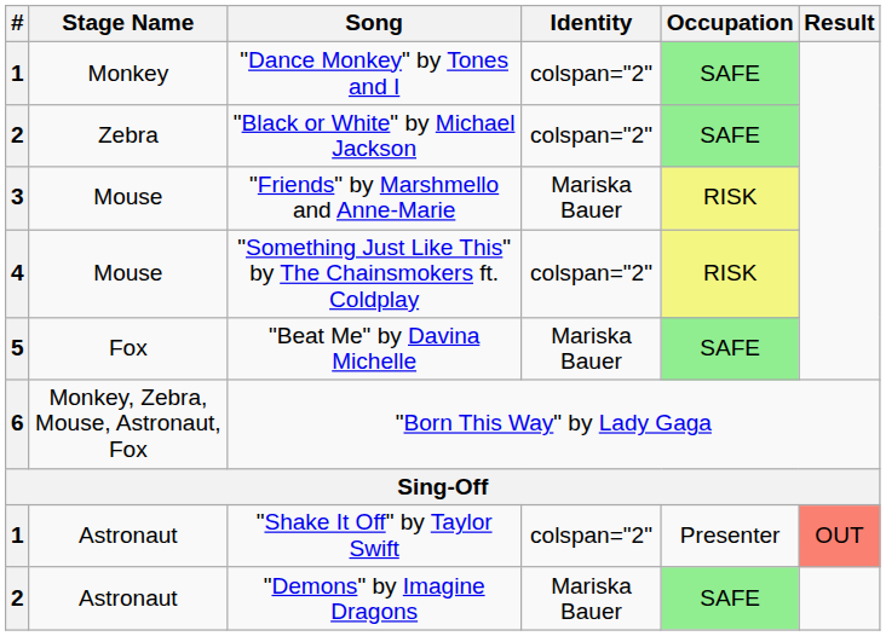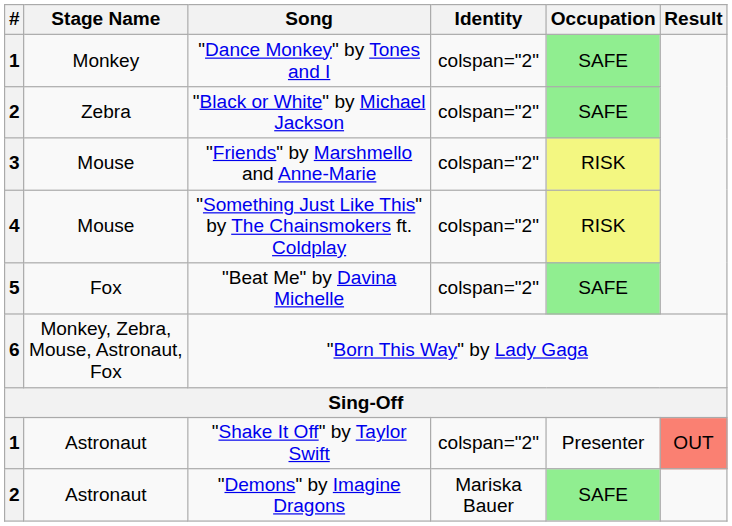 <table class="wikitable plainrowheaders" style="text-align: center;">
 <tr>
 <th><strong>#</strong></th>
 <th><strong>Stage Name</strong></th>
 <th><strong>Song</strong></th>
 <th>Identity</th>
 <th><strong>Occupation</strong></th>
 <th>Result</th>
 </tr>
 <tr>
 <th>1</th>
 <td>Monkey</td>
 <td>"<a href='#'>Dance Monkey</a>" by <a href='#'>Tones and I</a></td>
 <td>colspan="2" </td>
 <td bgcolor="lightgreen">SAFE</td>
 </tr>
 <tr>
 <th>2</th>
 <td>Zebra</td>
 <td>"<a href='#'>Black or White</a>" by <a href='#'>Michael Jackson</a></td>
 <td>colspan="2" </td>
 <td bgcolor="lightgreen">SAFE</td>
 </tr>
 <tr>
 <th>3</th>
 <td>Mouse</td>
 <td>"<a href='#'>Friends</a>" by <a href='#'>Marshmello</a> and <a href='#'>Anne-Marie</a></td>
-<td>Mariska Bauer</td>
+<td>colspan="2" </td>
 <td bgcolor="F3F781">RISK</td>
 </tr>
 <tr>
 <th>4</th>
 <td>Mouse</td>
 <td>"<a href='#'>Something Just Like This</a>" by <a href='#'>The Chainsmokers</a> ft. <a href='#'>Coldplay</a></td>
 <td>colspan="2" </td>
 <td bgcolor="F3F781">RISK</td>
 </tr>
 <tr>
 <th>5</th>
 <td>Fox</td>
 <td>"Beat Me" by <a href='#'>Davina Michelle</a></td>
-<td>Mariska Bauer</td>
+<td>colspan="2" </td>
 <td bgcolor="lightgreen">SAFE</td>
 </tr>
 <tr>
 <th>6</th>
 <td>Monkey, Zebra, Mouse, Astronaut, Fox</td>
 <td colspan="4">"<a href='#'>Born This Way</a>" by <a href='#'>Lady Gaga</a></td>
 </tr>
 <tr>
 <th colspan="6">Sing-Off</th>
 </tr>
 <tr>
 <th>1</th>
 <td>Astronaut</td>
 <td>"<a href='#'>Shake It Off</a>" by <a href='#'>Taylor Swift</a></td>
 <td>colspan="2" </td>
 <td>Presenter</td>
 <td bgcolor="salmon">OUT</td>
 </tr>
 <tr>
 <th>2</th>
 <td>Astronaut</td>
 <td>"<a href='#'>Demons</a>" by <a href='#'>Imagine Dragons</a></td>
 <td>Mariska Bauer</td>
 <td bgcolor="lightgreen">SAFE</td>
 </tr>
 </table>
